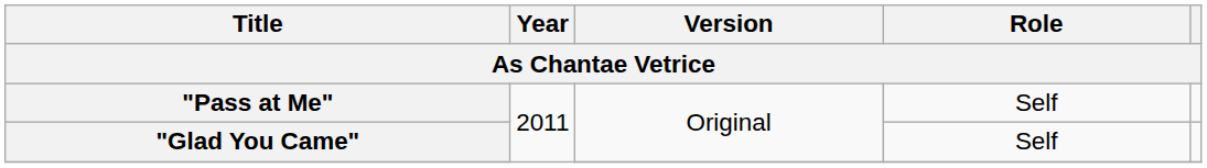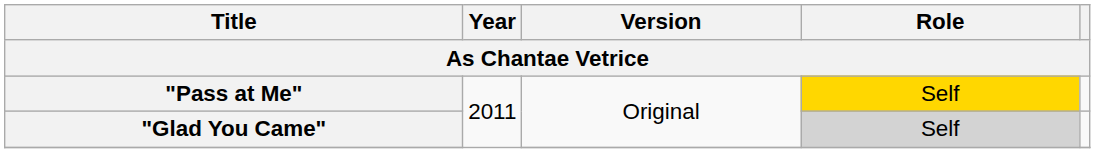 <table class="wikitable plainrowheaders" style="text-align:center;">
 <tr>
 <th scope="col" style="width:20em;">Title</th>
 <th scope="col">Year</th>
 <th scope="col" style="width:12em;">Version</th>
 <th scope="col" style="width:12em;">Role</th>
 <th scope="col"></th>
 </tr>
 <tr>
 <th scope="col" colspan="5">As Chantae Vetrice</th>
 </tr>
 <tr>
 <th scope="row">"Pass at Me" </th>
 <td rowspan="3">2011</td>
 <td rowspan="2">Original</td>
-<td>Self</td>
+<td style="background: gold;">Self</td>
 <td></td>
 </tr>
 <tr>
 <th scope="row">"Glad You Came" </th>
-<td>Self</td>
+<td style="background: lightgrey;">Self</td>
 <td><br></td>
 </tr>
 <tr>
 </tr>
 </table>
